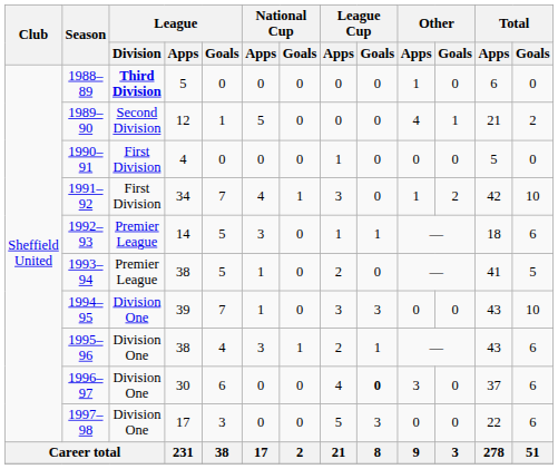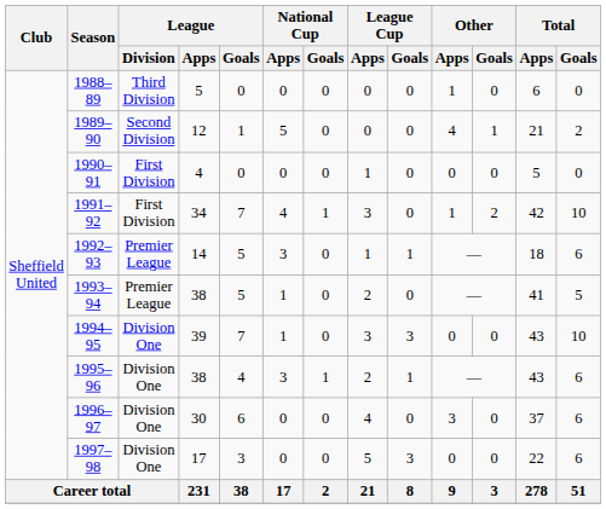 <table class=wikitable style="text-align:center">
 <tr>
 <th rowspan="2">Club</th>
 <th rowspan="2">Season</th>
 <th colspan="3">League</th>
 <th colspan="2">National Cup</th>
 <th colspan="2">League Cup</th>
 <th colspan="2">Other</th>
 <th colspan="2">Total</th>
 </tr>
 <tr>
 <th>Division</th>
 <th>Apps</th>
 <th>Goals</th>
 <th>Apps</th>
 <th>Goals</th>
 <th>Apps</th>
 <th>Goals</th>
 <th>Apps</th>
 <th>Goals</th>
 <th>Apps</th>
 <th>Goals</th>
 </tr>
 <tr>
 <td rowspan="10"><a href='#'>Sheffield United</a></td>
 <td><a href='#'>1988–89</a></td>
-<td><strong><a href='#'>Third Division</a></strong></td>
+<td><a href='#'>Third Division</a></td>
 <td>5</td>
 <td>0</td>
 <td>0</td>
 <td>0</td>
 <td>0</td>
 <td>0</td>
 <td>1</td>
 <td>0</td>
 <td>6</td>
 <td>0</td>
 </tr>
 <tr>
 <td><a href='#'>1989–90</a></td>
 <td><a href='#'>Second Division</a></td>
 <td>12</td>
 <td>1</td>
 <td>5</td>
 <td>0</td>
 <td>0</td>
 <td>0</td>
 <td>4</td>
 <td>1</td>
 <td>21</td>
 <td>2</td>
 </tr>
 <tr>
 <td><a href='#'>1990–91</a></td>
 <td><a href='#'>First Division</a></td>
 <td>4</td>
 <td>0</td>
 <td>0</td>
 <td>0</td>
 <td>1</td>
 <td>0</td>
 <td>0</td>
 <td>0</td>
 <td>5</td>
 <td>0</td>
 </tr>
 <tr>
 <td><a href='#'>1991–92</a></td>
 <td>First Division</td>
 <td>34</td>
 <td>7</td>
 <td>4</td>
 <td>1</td>
 <td>3</td>
 <td>0</td>
 <td>1</td>
 <td>2</td>
 <td>42</td>
 <td>10</td>
 </tr>
 <tr>
 <td><a href='#'>1992–93</a></td>
 <td><a href='#'>Premier League</a></td>
 <td>14</td>
 <td>5</td>
 <td>3</td>
 <td>0</td>
 <td>1</td>
 <td>1</td>
 <td colspan="2">—</td>
 <td>18</td>
 <td>6</td>
 </tr>
 <tr>
 <td><a href='#'>1993–94</a></td>
 <td>Premier League</td>
 <td>38</td>
 <td>5</td>
 <td>1</td>
 <td>0</td>
 <td>2</td>
 <td>0</td>
 <td colspan="2">—</td>
 <td>41</td>
 <td>5</td>
 </tr>
 <tr>
 <td><a href='#'>1994–95</a></td>
 <td><a href='#'>Division One</a></td>
 <td>39</td>
 <td>7</td>
 <td>1</td>
 <td>0</td>
 <td>3</td>
 <td>3</td>
 <td>0</td>
 <td>0</td>
 <td>43</td>
 <td>10</td>
 </tr>
 <tr>
 <td><a href='#'>1995–96</a></td>
 <td>Division One</td>
 <td>38</td>
 <td>4</td>
 <td>3</td>
 <td>1</td>
 <td>2</td>
 <td>1</td>
 <td colspan="2">—</td>
 <td>43</td>
 <td>6</td>
 </tr>
 <tr>
 <td><a href='#'>1996–97</a></td>
 <td>Division One</td>
 <td>30</td>
 <td>6</td>
 <td>0</td>
 <td>0</td>
 <td>4</td>
-<td><strong>0</strong></td>
+<td>0</td>
 <td>3</td>
 <td>0</td>
 <td>37</td>
 <td>6</td>
 </tr>
 <tr>
 <td><a href='#'>1997–98</a></td>
 <td>Division One</td>
 <td>17</td>
 <td>3</td>
 <td>0</td>
 <td>0</td>
 <td>5</td>
 <td>3</td>
 <td>0</td>
 <td>0</td>
 <td>22</td>
 <td>6</td>
 </tr>
 <tr>
 <th colspan="3">Career total</th>
 <th>231</th>
 <th>38</th>
 <th>17</th>
 <th>2</th>
 <th>21</th>
 <th>8</th>
 <th>9</th>
 <th>3</th>
 <th>278</th>
 <th>51</th>
 </tr>
 <tr>
 </tr>
 </table>
